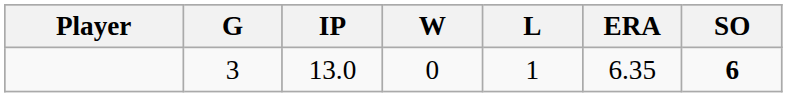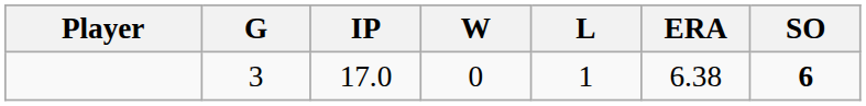 <table class="wikitable sortable">
 <tr>
 <th bgcolor="#DDDDFF" width="16%">Player</th>
 <th bgcolor="#DDDDFF" width="9%">G</th>
 <th bgcolor="#DDDDFF" width="9%">IP</th>
 <th bgcolor="#DDDDFF" width="9%">W</th>
 <th bgcolor="#DDDDFF" width="9%">L</th>
 <th bgcolor="#DDDDFF" width="9%">ERA</th>
 <th bgcolor="#DDDDFF" width="9%">SO</th>
 </tr>
 <tr align="center">
 <td></td>
 <td>3</td>
-<td>13.0</td>
+<td>17.0</td>
 <td>0</td>
 <td>1</td>
-<td>6.35</td>
+<td>6.38</td>
 <td><strong>6</strong></td>
 </tr>
 </table>
